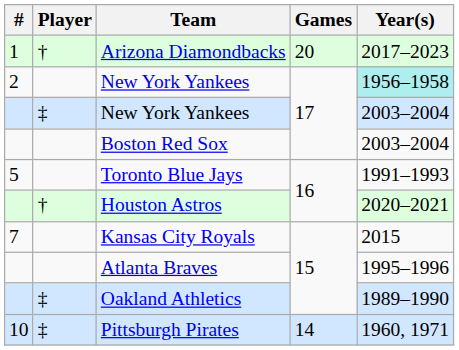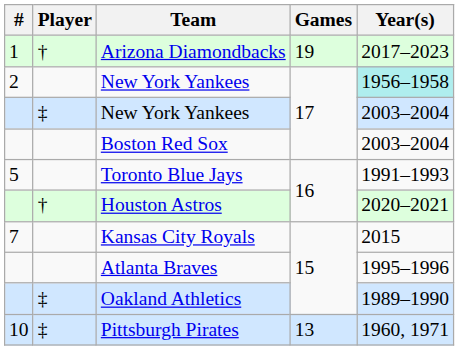 <table class="wikitable sortable">
 <tr>
 <th scope="col" class="unsortable">#</th>
 <th scope="col">Player</th>
 <th scope="col">Team</th>
 <th scope="col">Games</th>
 <th scope="col">Year(s)</th>
 </tr>
 <tr style="background:#dfd">
 <td>1</td>
 <td>†</td>
 <td><a href='#'>Arizona Diamondbacks</a></td>
-<td>20</td>
+<td>19</td>
 <td>2017–2023</td>
 </tr>
 <tr>
 <td>2</td>
 <td></td>
 <td><a href='#'>New York Yankees</a></td>
 <td rowspan="3">17</td>
 <td style="background: paleturquoise;">1956–1958</td>
 </tr>
 <tr style="background:#d0e7ff;">
 <td></td>
 <td>‡</td>
 <td>New York Yankees</td>
 <td>2003–2004</td>
 </tr>
 <tr>
 <td></td>
 <td></td>
 <td><a href='#'>Boston Red Sox</a></td>
 <td>2003–2004</td>
 </tr>
 <tr>
 <td>5</td>
 <td></td>
 <td><a href='#'>Toronto Blue Jays</a></td>
 <td rowspan="2">16</td>
 <td>1991–1993</td>
 </tr>
 <tr style="background:#dfd;">
 <td></td>
 <td>†</td>
 <td><a href='#'>Houston Astros</a></td>
 <td>2020–2021</td>
 </tr>
 <tr>
 <td>7</td>
 <td></td>
 <td><a href='#'>Kansas City Royals</a></td>
 <td rowspan="3">15</td>
 <td>2015</td>
 </tr>
 <tr>
 <td></td>
 <td></td>
 <td><a href='#'>Atlanta Braves</a></td>
 <td>1995–1996</td>
 </tr>
 <tr style="background:#d0e7ff;">
 <td></td>
 <td>‡</td>
 <td><a href='#'>Oakland Athletics</a></td>
 <td>1989–1990</td>
 </tr>
 <tr style="background:#d0e7ff;">
 <td>10</td>
 <td>‡</td>
 <td><a href='#'>Pittsburgh Pirates</a></td>
-<td>14</td>
+<td>13</td>
 <td>1960, 1971</td>
 </tr>
 </table>
